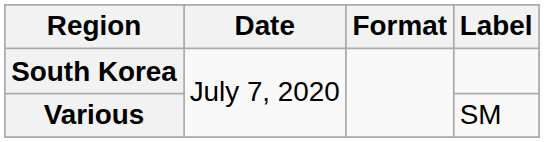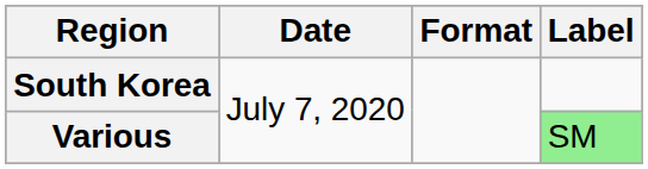 <table class="wikitable plainrowheaders">
 <tr>
 <th scope="col">Region</th>
 <th scope="col">Date</th>
 <th scope="col">Format</th>
 <th scope="col">Label</th>
 </tr>
 <tr>
 <th scope="row">South Korea</th>
 <td rowspan="2">July 7, 2020</td>
 <td rowspan="2"></td>
 <td></td>
 </tr>
 <tr>
 <th scope="row">Various</th>
-<td>SM</td>
+<td style="background: lightgreen;">SM</td>
 </tr>
 </table>
